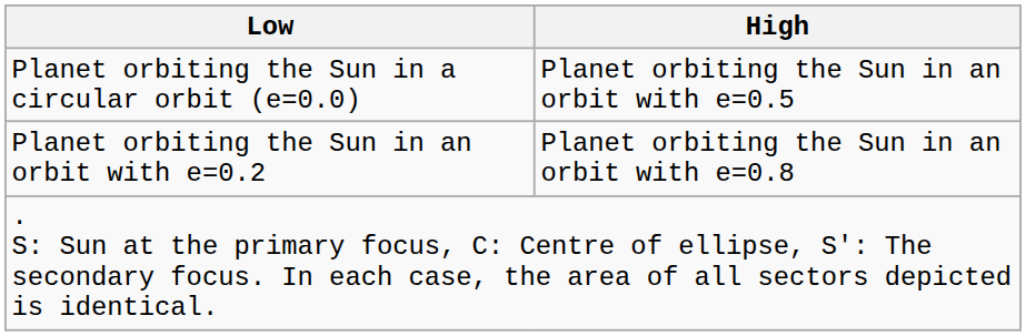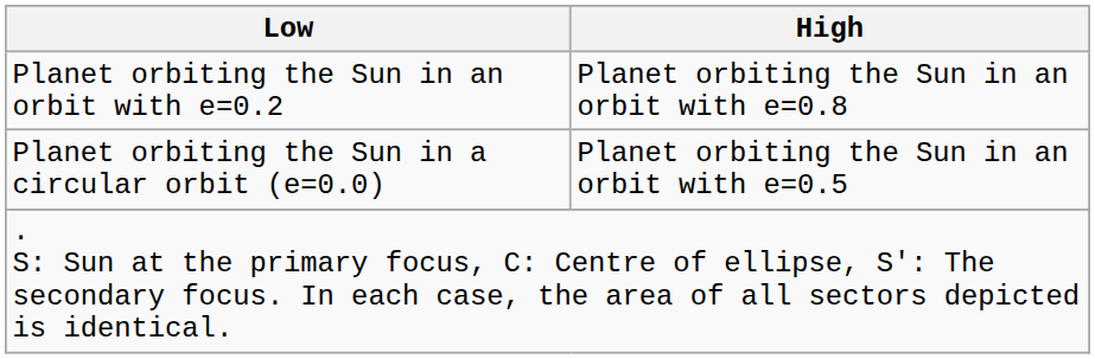 <table class="wikitable" style=width:500px>
 <tr>
 <th>Low</th>
 <th>High</th>
 </tr>
 <tr>
+<td> Planet orbiting the Sun in an orbit with e=0.2</td>
+<td> Planet orbiting the Sun in an orbit with e=0.8</td>
+</tr>
+<tr>
 <td> Planet orbiting the Sun in a circular orbit (e=0.0)</td>
 <td> Planet orbiting the Sun in an orbit with e=0.5</td>
-</tr>
-<tr>
-<td> Planet orbiting the Sun in an orbit with e=0.2</td>
-<td> Planet orbiting the Sun in an orbit with e=0.8</td>
 </tr>
 <tr>
 <td colspan=2>.<br>S: Sun at the primary focus,  C: Centre of ellipse,  S': The secondary focus.   In each case, the area of all sectors depicted is identical.</td>
 </tr>
 </table>
